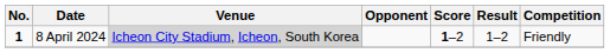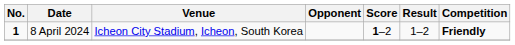 <table class="wikitable sortable">
 <tr>
 <th scope="col">No.</th>
 <th scope="col">Date</th>
 <th scope="col">Venue</th>
 <th scope="col">Opponent</th>
 <th scope="col">Score</th>
 <th scope="col">Result</th>
 <th scope="col">Competition</th>
 </tr>
 <tr>
 <td align=center><strong>1</strong></td>
 <td>8 April 2024</td>
-<td style="background: lightgrey;"><a href='#'>Icheon City Stadium</a>, <a href='#'>Icheon</a>, South Korea</td>
+<td><a href='#'>Icheon City Stadium</a>, <a href='#'>Icheon</a>, South Korea</td>
 <td></td>
 <td align=center><strong>1</strong>–2</td>
 <td align=center>1–2</td>
-<td>Friendly</td>
+<td><strong>Friendly</strong></td>
 </tr>
 <tr>
 </tr>
 </table>
